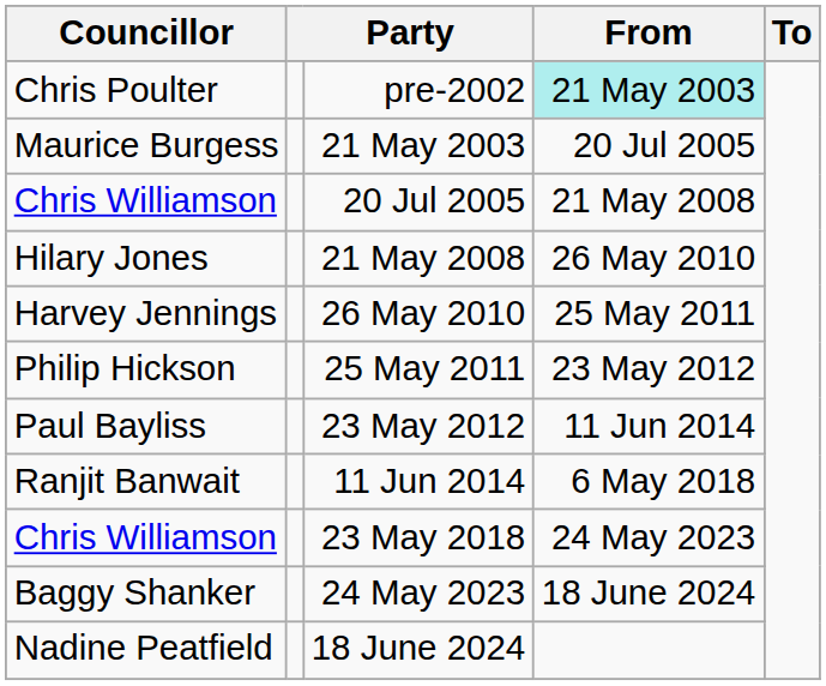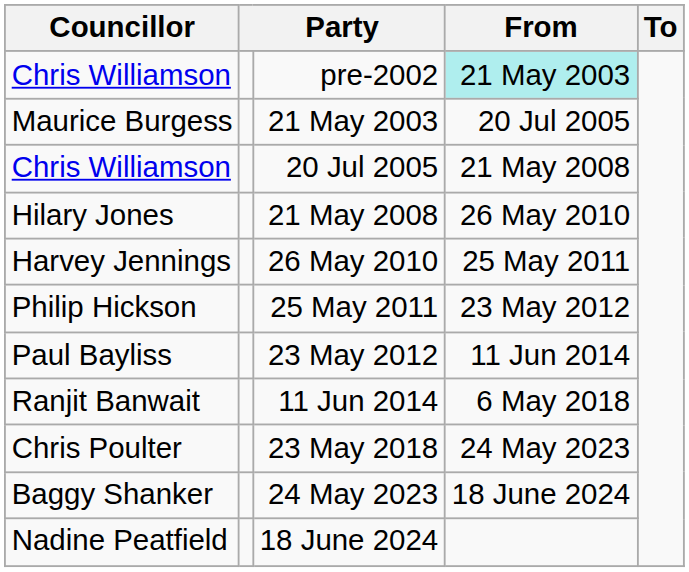 <table class=wikitable>
 <tr>
 <th>Councillor</th>
 <th colspan=2>Party</th>
 <th>From</th>
 <th>To</th>
 </tr>
 <tr>
-<td>Chris Poulter</td>
+<td><a href='#'>Chris Williamson</a></td>
 <td></td>
 <td align=right>pre-2002</td>
 <td align=right style="background: paleturquoise;">21 May 2003</td>
 </tr>
 <tr>
 <td>Maurice Burgess</td>
 <td></td>
 <td align=right>21 May 2003</td>
 <td align=right>20 Jul 2005</td>
 </tr>
 <tr>
 <td><a href='#'>Chris Williamson</a></td>
 <td></td>
 <td align=right>20 Jul 2005</td>
 <td align=right>21 May 2008</td>
 </tr>
 <tr>
 <td>Hilary Jones</td>
 <td></td>
 <td align=right>21 May 2008</td>
 <td align=right>26 May 2010</td>
 </tr>
 <tr>
 <td>Harvey Jennings</td>
 <td></td>
 <td align=right>26 May 2010</td>
 <td align=right>25 May 2011</td>
 </tr>
 <tr>
 <td>Philip Hickson</td>
 <td></td>
 <td align=right>25 May 2011</td>
 <td align=right>23 May 2012</td>
 </tr>
 <tr>
 <td>Paul Bayliss</td>
 <td></td>
 <td align=right>23 May 2012</td>
 <td align=right>11 Jun 2014</td>
 </tr>
 <tr>
 <td>Ranjit Banwait</td>
 <td></td>
 <td align=right>11 Jun 2014</td>
 <td align=right>6 May 2018</td>
 </tr>
 <tr>
-<td><a href='#'>Chris Williamson</a></td>
+<td>Chris Poulter</td>
 <td></td>
 <td align=right>23 May 2018</td>
 <td align=right>24 May 2023</td>
 </tr>
 <tr>
 <td>Baggy Shanker</td>
 <td></td>
 <td align=right>24 May 2023</td>
 <td align=right>18 June 2024</td>
 </tr>
 <tr>
 <td>Nadine Peatfield</td>
 <td></td>
 <td align=right>18 June 2024</td>
 <td align=right></td>
 </tr>
 </table>
